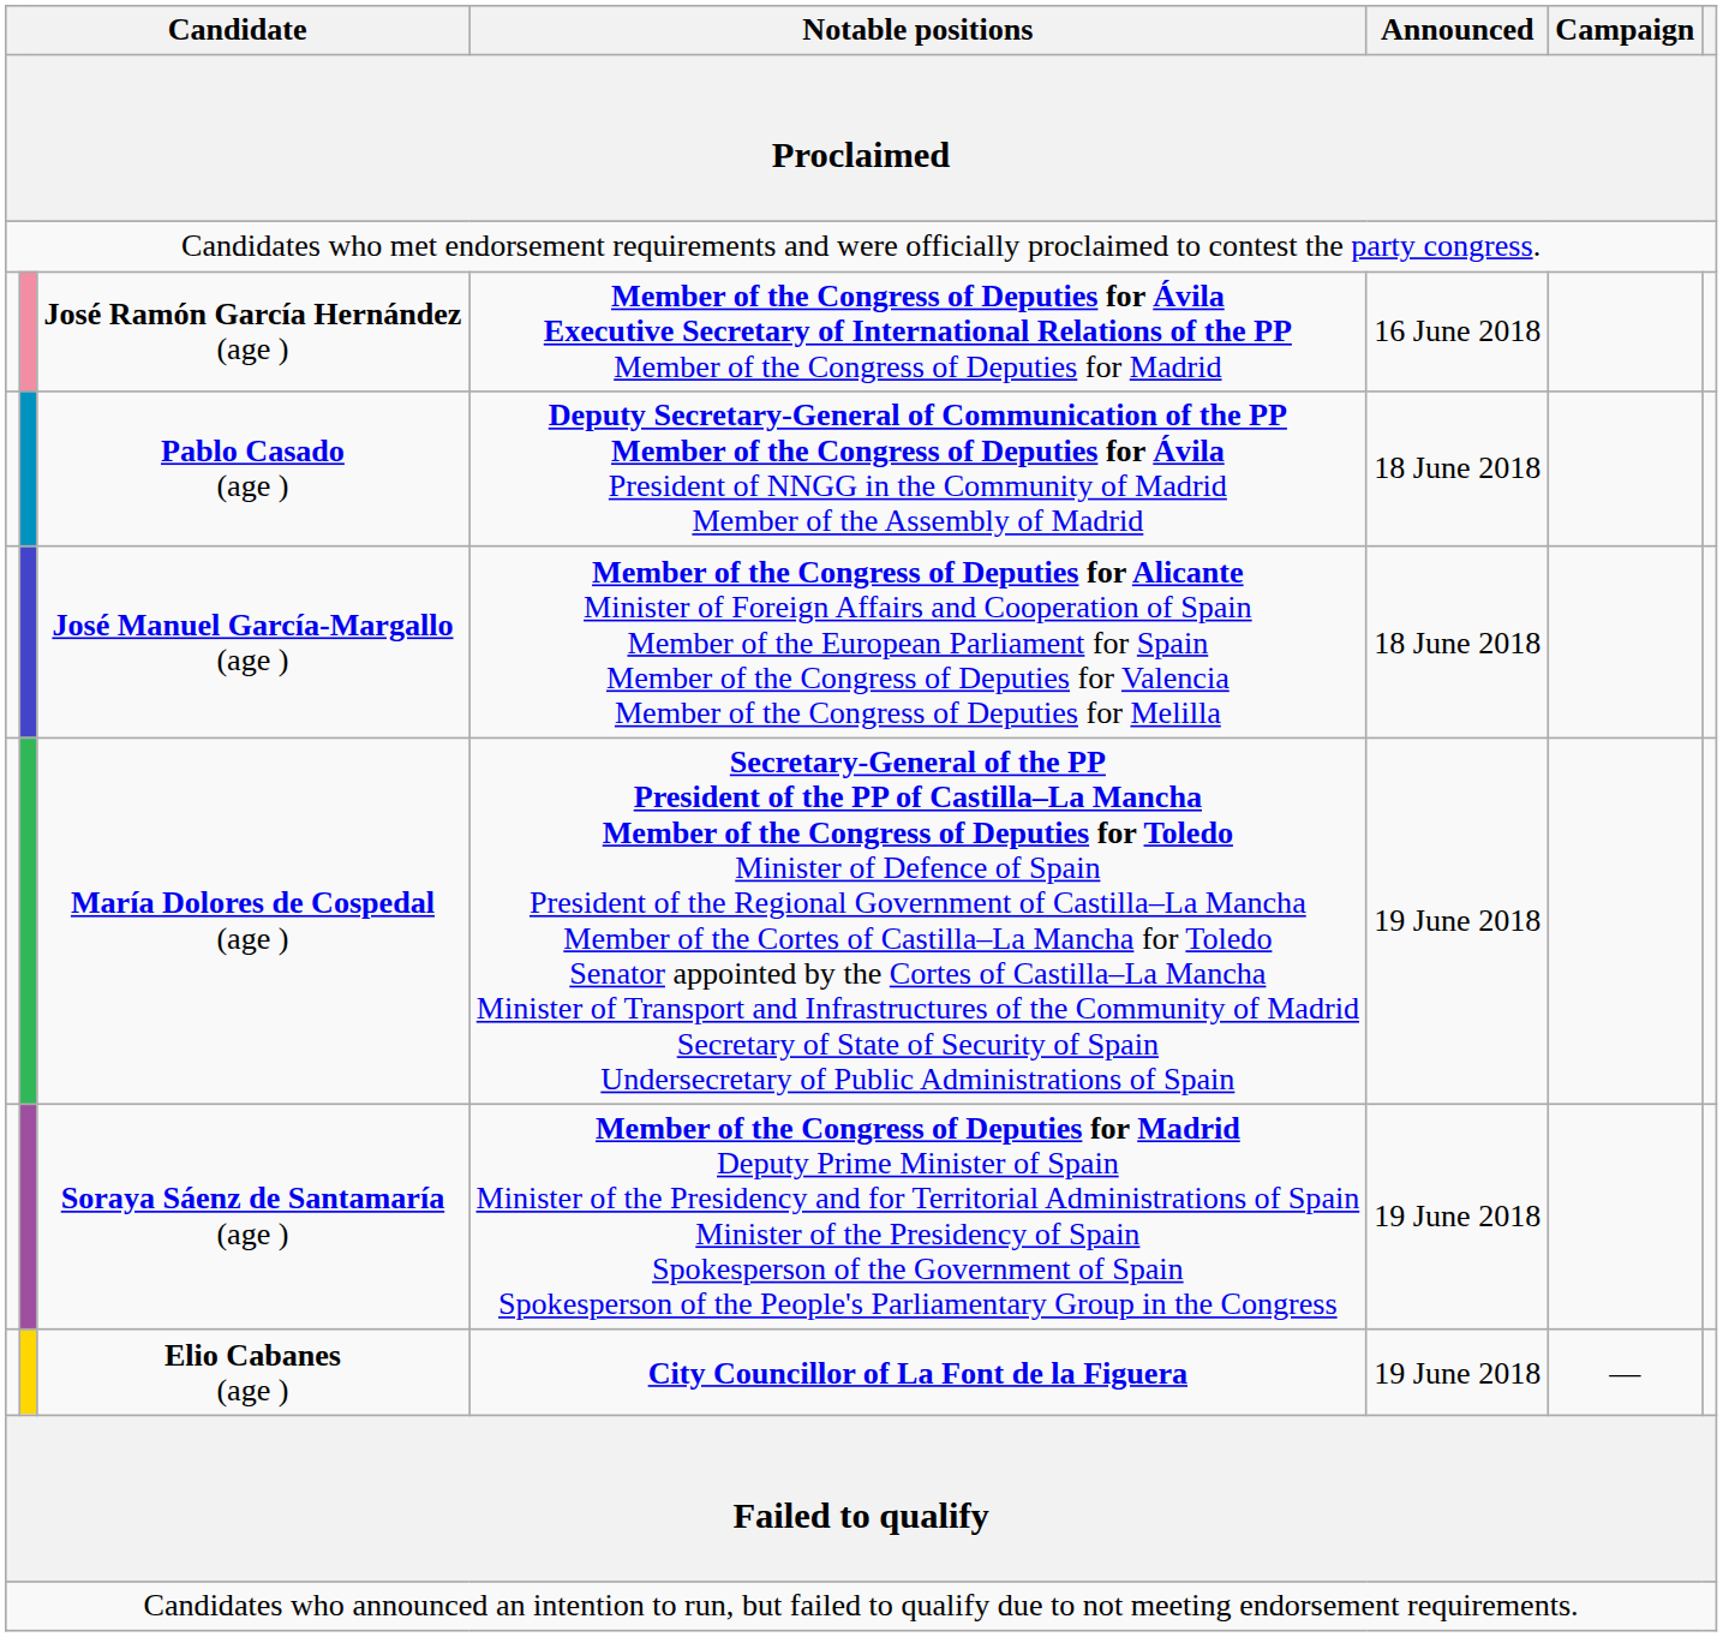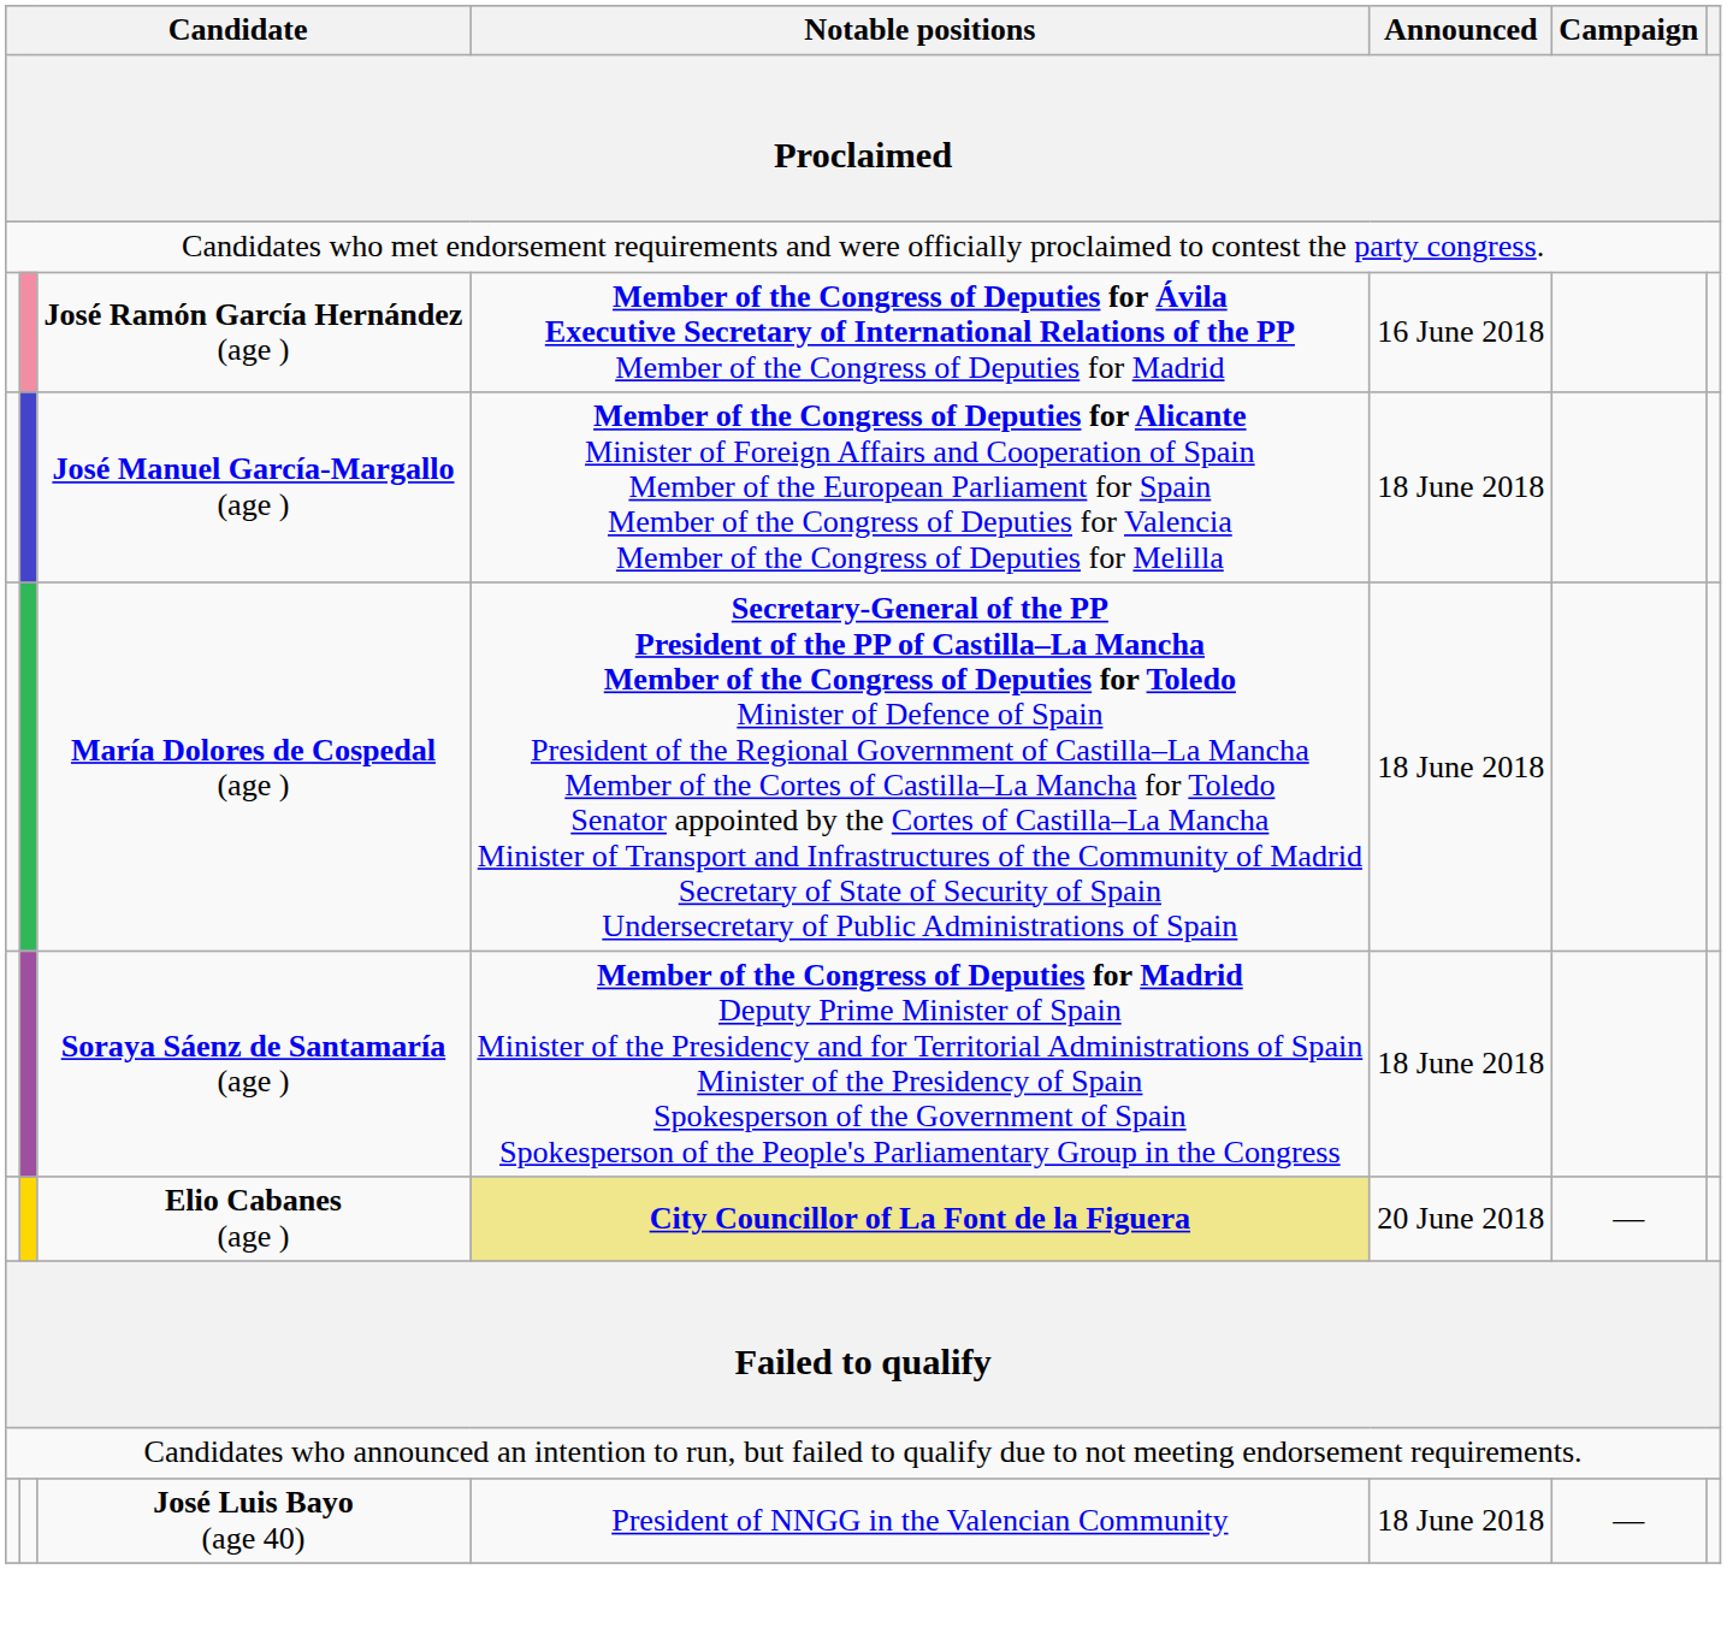 <table class="wikitable" style="text-align:center;">
 <tr>
 <th colspan="3">Candidate</th>
 <th>Notable positions</th>
 <th>Announced</th>
 <th>Campaign</th>
 <th></th>
 </tr>
 <tr>
 <th colspan="7"><br><h3>Proclaimed</h3></th>
 </tr>
 <tr>
 <td colspan="7">Candidates who met endorsement requirements and were officially proclaimed to contest the <a href='#'>party congress</a>.</td>
 </tr>
 <tr>
 <td></td>
 <td width="1px" style="color:inherit;background:#F38DA3;"></td>
 <td><strong>José Ramón García Hernández</strong><br>(age )</td>
 <td><strong><a href='#'>Member of the Congress of Deputies</a> for <a href='#'>Ávila</a> <br><a href='#'>Executive Secretary of International Relations of the PP</a> </strong><br><a href='#'>Member of the Congress of Deputies</a> for <a href='#'>Madrid</a> </td>
 <td>16 June 2018</td>
 <td><br></td>
 <td></td>
 </tr>
 <tr>
 <td></td>
-<td style="color:inherit;background:#0093BF;"></td>
-<td><strong><a href='#'>Pablo Casado</a></strong><br>(age )</td>
-<td><strong><a href='#'>Deputy Secretary-General of Communication of the PP</a> <br><a href='#'>Member of the Congress of Deputies</a> for <a href='#'>Ávila</a> </strong><br><a href='#'>President of NNGG in the Community of Madrid</a> <br><a href='#'>Member of the Assembly of Madrid</a> </td>
-<td>18 June 2018</td>
-<td><br></td>
-<td></td>
-</tr>
-<tr>
-<td></td>
 <td style="color:inherit;background:#4444CA;"></td>
 <td><strong><a href='#'>José Manuel García-Margallo</a></strong><br>(age )</td>
 <td><strong><a href='#'>Member of the Congress of Deputies</a> for <a href='#'>Alicante</a> </strong><br><a href='#'>Minister of Foreign Affairs and Cooperation of Spain</a> <br><a href='#'>Member of the European Parliament</a> for <a href='#'>Spain</a> <br><a href='#'>Member of the Congress of Deputies</a> for <a href='#'>Valencia</a> <br><a href='#'>Member of the Congress of Deputies</a> for <a href='#'>Melilla</a> </td>
 <td>18 June 2018</td>
 <td><br></td>
 <td></td>
 </tr>
 <tr>
 <td></td>
 <td style="color:inherit;background:#30B858;"></td>
 <td><strong><a href='#'>María Dolores de Cospedal</a></strong><br>(age )</td>
 <td><strong><a href='#'>Secretary-General of the PP</a> <br><a href='#'>President of the PP of Castilla–La Mancha</a> <br><a href='#'>Member of the Congress of Deputies</a> for <a href='#'>Toledo</a> </strong><br><a href='#'>Minister of Defence of Spain</a> <br><a href='#'>President of the Regional Government of Castilla–La Mancha</a> <br><a href='#'>Member of the Cortes of Castilla–La Mancha</a> for <a href='#'>Toledo</a> <br><a href='#'>Senator</a> appointed by the <a href='#'>Cortes of Castilla–La Mancha</a> <br><a href='#'>Minister of Transport and Infrastructures of the Community of Madrid</a> <br><a href='#'>Secretary of State of Security of Spain</a> <br><a href='#'>Undersecretary of Public Administrations of Spain</a> </td>
-<td>19 June 2018</td>
+<td>18 June 2018</td>
 <td><br></td>
 <td></td>
 </tr>
 <tr>
 <td></td>
 <td style="color:inherit;background:#9F4F9F;"></td>
 <td><strong><a href='#'>Soraya Sáenz de Santamaría</a></strong><br>(age )</td>
 <td><strong><a href='#'>Member of the Congress of Deputies</a> for <a href='#'>Madrid</a> </strong><br><a href='#'>Deputy Prime Minister of Spain</a> <br><a href='#'>Minister of the Presidency and for Territorial Administrations of Spain</a> <br><a href='#'>Minister of the Presidency of Spain</a> <br><a href='#'>Spokesperson of the Government of Spain</a> <br><a href='#'>Spokesperson of the People's Parliamentary Group in the Congress</a> </td>
-<td>19 June 2018</td>
+<td>18 June 2018</td>
 <td><br></td>
 <td></td>
 </tr>
 <tr>
 <td></td>
 <td style="color:inherit;background:#FFD700;"></td>
 <td><strong>Elio Cabanes</strong><br>(age )</td>
-<td><strong><a href='#'>City Councillor of La Font de la Figuera</a> </strong></td>
-<td>19 June 2018</td>
+<td style="background: khaki;"><strong><a href='#'>City Councillor of La Font de la Figuera</a> </strong></td>
+<td>20 June 2018</td>
 <td>—</td>
 <td></td>
 </tr>
 <tr>
 <th colspan="7"><br><h3>Failed to qualify</h3></th>
 </tr>
 <tr>
 <td colspan="7">Candidates who announced an intention to run, but failed to qualify due to not meeting endorsement requirements.</td>
 </tr>
+<tr>
+<td></td>
+<td style="color:inherit;background:"></td>
+<td><strong>José Luis Bayo</strong><br>(age 40)</td>
+<td><a href='#'>President of NNGG in the Valencian Community</a> </td>
+<td>18 June 2018</td>
+<td>—</td>
+<td><br><br></td>
+</tr>
 </table>
